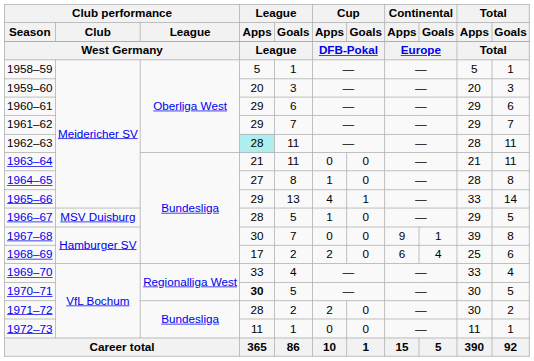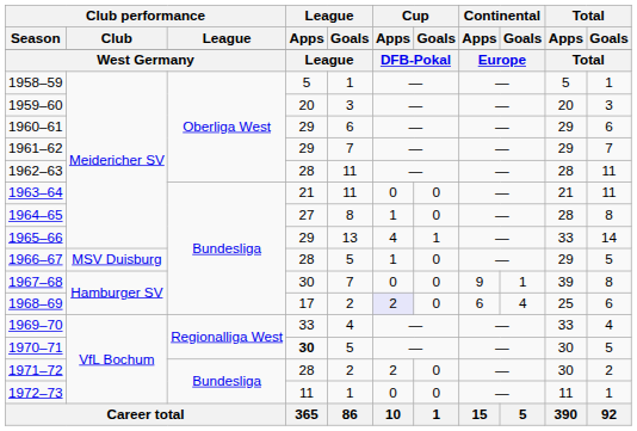 <table class="wikitable" style="text-align:center">
 <tr>
 <th colspan=3>Club performance</th>
 <th colspan=2>League</th>
 <th colspan=2>Cup</th>
 <th colspan=2>Continental</th>
 <th colspan=2>Total</th>
 </tr>
 <tr>
 <th>Season</th>
 <th>Club</th>
 <th>League</th>
 <th>Apps</th>
 <th>Goals</th>
 <th>Apps</th>
 <th>Goals</th>
 <th>Apps</th>
 <th>Goals</th>
 <th>Apps</th>
 <th>Goals</th>
 </tr>
 <tr>
 </tr>
 <tr>
 <th colspan=3>West Germany</th>
 <th colspan=2>League</th>
 <th colspan=2><a href='#'>DFB-Pokal</a></th>
 <th colspan=2><a href='#'>Europe</a></th>
 <th colspan=2>Total</th>
 </tr>
 <tr>
 <td>1958–59</td>
 <td rowspan="8"><a href='#'>Meidericher SV</a></td>
 <td rowspan="5"><a href='#'>Oberliga West</a></td>
 <td>5</td>
 <td>1</td>
 <td colspan="2">—</td>
 <td colspan="2">—</td>
 <td>5</td>
 <td>1</td>
 </tr>
 <tr>
 <td>1959–60</td>
 <td>20</td>
 <td>3</td>
 <td colspan="2">—</td>
 <td colspan="2">—</td>
 <td>20</td>
 <td>3</td>
 </tr>
 <tr>
 <td>1960–61</td>
 <td>29</td>
 <td>6</td>
 <td colspan="2">—</td>
 <td colspan="2">—</td>
 <td>29</td>
 <td>6</td>
 </tr>
 <tr>
 <td>1961–62</td>
 <td>29</td>
 <td>7</td>
 <td colspan="2">—</td>
 <td colspan="2">—</td>
 <td>29</td>
 <td>7</td>
 </tr>
 <tr>
 <td>1962–63</td>
-<td style="background: paleturquoise;">28</td>
+<td>28</td>
 <td>11</td>
 <td colspan="2">—</td>
 <td colspan="2">—</td>
 <td>28</td>
 <td>11</td>
 </tr>
 <tr>
 <td><a href='#'>1963–64</a></td>
 <td rowspan="6"><a href='#'>Bundesliga</a></td>
 <td>21</td>
 <td>11</td>
 <td>0</td>
 <td>0</td>
 <td colspan="2">—</td>
 <td>21</td>
 <td>11</td>
 </tr>
 <tr>
 <td><a href='#'>1964–65</a></td>
 <td>27</td>
 <td>8</td>
 <td>1</td>
 <td>0</td>
 <td colspan="2">—</td>
 <td>28</td>
 <td>8</td>
 </tr>
 <tr>
 <td><a href='#'>1965–66</a></td>
 <td>29</td>
 <td>13</td>
 <td>4</td>
 <td>1</td>
 <td colspan="2">—</td>
 <td>33</td>
 <td>14</td>
 </tr>
 <tr>
 <td><a href='#'>1966–67</a></td>
 <td><a href='#'>MSV Duisburg</a></td>
 <td>28</td>
 <td>5</td>
 <td>1</td>
 <td>0</td>
 <td colspan="2">—</td>
 <td>29</td>
 <td>5</td>
 </tr>
 <tr>
 <td><a href='#'>1967–68</a></td>
 <td rowspan="2"><a href='#'>Hamburger SV</a></td>
 <td>30</td>
 <td>7</td>
 <td>0</td>
 <td>0</td>
 <td>9</td>
 <td>1</td>
 <td>39</td>
 <td>8</td>
 </tr>
 <tr>
 <td><a href='#'>1968–69</a></td>
 <td>17</td>
 <td>2</td>
-<td>2</td>
+<td style="background: lavender;">2</td>
 <td>0</td>
 <td>6</td>
 <td>4</td>
 <td>25</td>
 <td>6</td>
 </tr>
 <tr>
 <td><a href='#'>1969–70</a></td>
 <td rowspan="4"><a href='#'>VfL Bochum</a></td>
 <td rowspan="2"><a href='#'>Regionalliga West</a></td>
 <td>33</td>
 <td>4</td>
 <td colspan="2">—</td>
 <td colspan="2">—</td>
 <td>33</td>
 <td>4</td>
 </tr>
 <tr>
 <td><a href='#'>1970–71</a></td>
 <td><strong>30</strong></td>
 <td>5</td>
 <td colspan="2">—</td>
 <td colspan="2">—</td>
 <td>30</td>
 <td>5</td>
 </tr>
 <tr>
 <td><a href='#'>1971–72</a></td>
 <td rowspan="2"><a href='#'>Bundesliga</a></td>
 <td>28</td>
 <td>2</td>
 <td>2</td>
 <td>0</td>
 <td colspan="2">—</td>
 <td>30</td>
 <td>2</td>
 </tr>
 <tr>
 <td><a href='#'>1972–73</a></td>
 <td>11</td>
 <td>1</td>
 <td>0</td>
 <td>0</td>
 <td colspan="2">—</td>
 <td>11</td>
 <td>1</td>
 </tr>
 <tr>
 <th colspan=3>Career total</th>
 <th>365</th>
 <th>86</th>
 <th>10</th>
 <th>1</th>
 <th>15</th>
 <th>5</th>
 <th>390</th>
 <th>92</th>
 </tr>
 </table>
